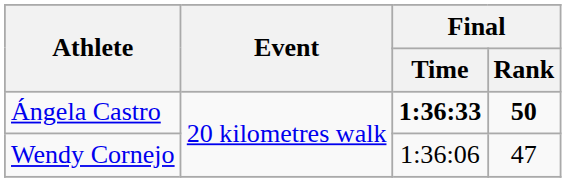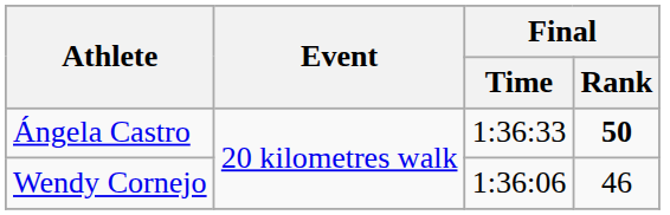 <table class=wikitable style="font-size:90%;">
 <tr>
 <th rowspan=2>Athlete</th>
 <th rowspan=2>Event</th>
 <th colspan=2>Final</th>
 </tr>
 <tr>
 <th>Time</th>
 <th>Rank</th>
 </tr>
 <tr>
 <td><a href='#'>Ángela Castro</a></td>
 <td rowspan=2><a href='#'>20 kilometres walk</a></td>
-<td align="center"><strong>1:36:33</strong></td>
+<td align="center">1:36:33</td>
 <td align="center"><strong>50</strong></td>
 </tr>
 <tr>
 <td><a href='#'>Wendy Cornejo</a></td>
 <td align="center">1:36:06</td>
-<td align="center">47</td>
+<td align="center">46</td>
 </tr>
 </table>
